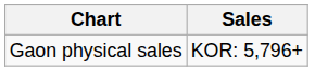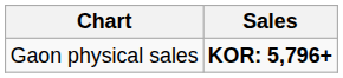 <table class="wikitable">
 <tr>
 <th>Chart</th>
 <th>Sales</th>
 </tr>
 <tr>
 <td>Gaon physical sales</td>
-<td align="center">KOR: 5,796+</td>
+<td align="center"><strong>KOR: 5,796+</strong></td>
 </tr>
 </table>
